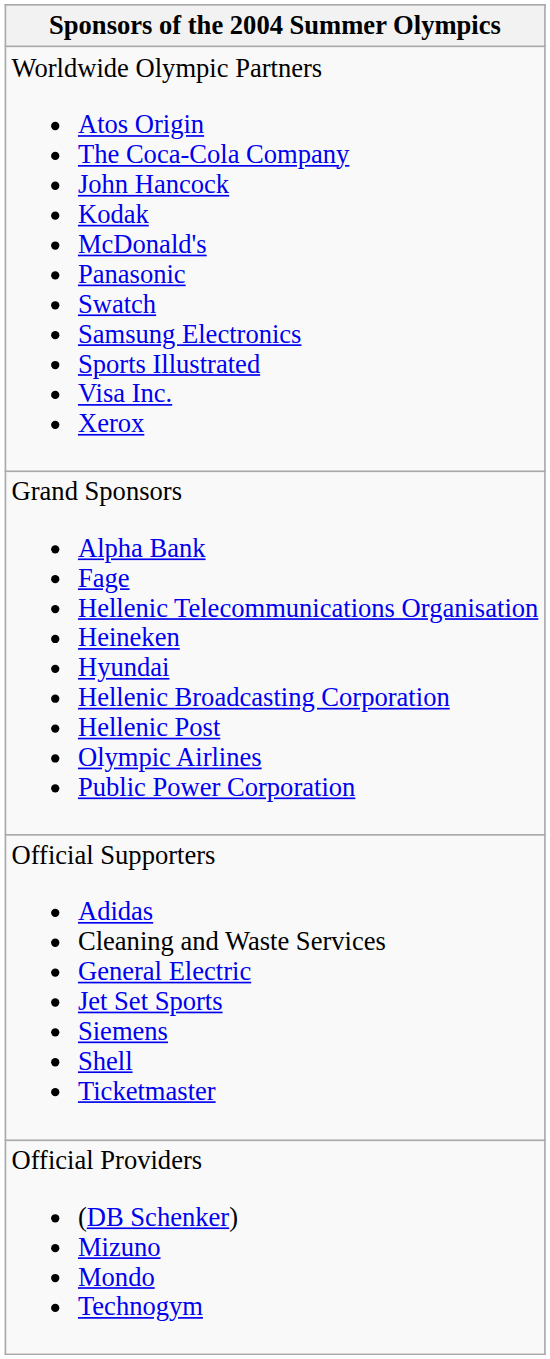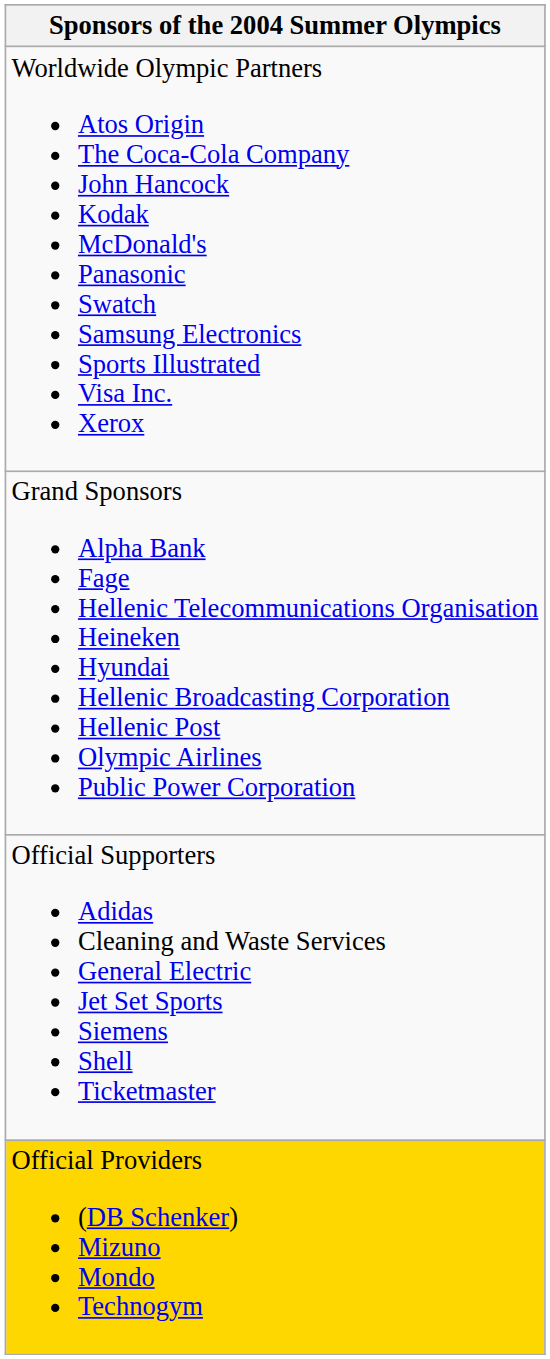 <table class="wikitable collapsible " style="float:center; margin:10px;">
 <tr>
 <th>Sponsors of the 2004 Summer Olympics</th>
 </tr>
 <tr>
 <td>Worldwide Olympic Partners<br><ul><li><a href='#'>Atos Origin</a></li><li><a href='#'>The Coca-Cola Company</a></li><li><a href='#'>John Hancock</a></li><li><a href='#'>Kodak</a></li><li><a href='#'>McDonald's</a></li><li><a href='#'>Panasonic</a></li><li><a href='#'>Swatch</a></li><li><a href='#'>Samsung Electronics</a></li><li><a href='#'>Sports Illustrated</a></li><li><a href='#'>Visa Inc.</a></li><li><a href='#'>Xerox</a></li></ul></td>
 </tr>
 <tr>
 <td>Grand Sponsors<br><ul><li><a href='#'>Alpha Bank</a></li><li><a href='#'>Fage</a></li><li><a href='#'>Hellenic Telecommunications Organisation</a></li><li><a href='#'>Heineken</a></li><li><a href='#'>Hyundai</a></li><li><a href='#'>Hellenic Broadcasting Corporation</a></li><li><a href='#'>Hellenic Post</a></li><li><a href='#'>Olympic Airlines</a></li><li><a href='#'>Public Power Corporation</a></li></ul></td>
 </tr>
 <tr>
 <td>Official Supporters<br><ul><li><a href='#'>Adidas</a></li><li>Cleaning and Waste Services</li><li><a href='#'>General Electric</a></li><li><a href='#'>Jet Set Sports</a></li><li><a href='#'>Siemens</a></li><li><a href='#'>Shell</a></li><li><a href='#'>Ticketmaster</a></li></ul></td>
 </tr>
 <tr>
-<td>Official Providers<br><ul><li> (<a href='#'>DB Schenker</a>)</li><li><a href='#'>Mizuno</a></li><li><a href='#'>Mondo</a></li><li><a href='#'>Technogym</a></li></ul></td>
+<td style="background: gold;">Official Providers<br><ul><li> (<a href='#'>DB Schenker</a>)</li><li><a href='#'>Mizuno</a></li><li><a href='#'>Mondo</a></li><li><a href='#'>Technogym</a></li></ul></td>
 </tr>
 </table>
